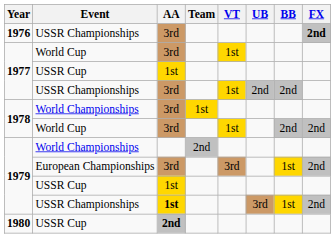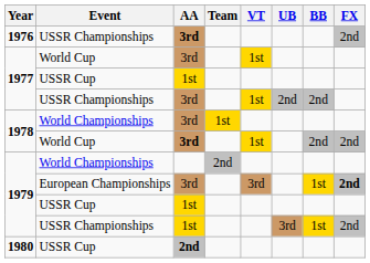 <table class="wikitable" style="text-align:center; font-size: 95%;">
 <tr>
 <th>Year</th>
 <th>Event</th>
 <th width=30px>AA</th>
 <th width=30px>Team</th>
 <th width=30px><a href='#'>VT</a></th>
 <th width=30px><a href='#'>UB</a></th>
 <th width=30px><a href='#'>BB</a></th>
 <th width=30px><a href='#'>FX</a></th>
 </tr>
 <tr>
 <td rowspan="1"><strong>1976</strong></td>
 <td align=left>USSR Championships</td>
-<td bgcolor=CC9966>3rd</td>
+<td bgcolor=CC9966><strong>3rd</strong></td>
 <td></td>
 <td></td>
 <td></td>
 <td></td>
-<td bgcolor=silver><strong>2nd</strong></td>
+<td bgcolor=silver>2nd</td>
 </tr>
 <tr>
 <td rowspan="3"><strong>1977</strong></td>
 <td align=left>World Cup</td>
 <td bgcolor=CC9966>3rd</td>
 <td></td>
 <td bgcolor=gold>1st</td>
 <td></td>
 <td></td>
 <td></td>
 </tr>
 <tr>
 <td align=left>USSR Cup</td>
 <td bgcolor=gold>1st</td>
 <td></td>
 <td></td>
 <td></td>
 <td></td>
 <td></td>
 </tr>
 <tr>
 <td align=left>USSR Championships</td>
 <td bgcolor=cc9966>3rd</td>
 <td></td>
 <td bgcolor=gold>1st</td>
 <td bgcolor=silver>2nd</td>
 <td bgcolor=silver>2nd</td>
 <td></td>
 </tr>
 <tr>
 <td rowspan=2><strong>1978</strong></td>
 <td align=left><a href='#'>World Championships</a></td>
 <td bgcolor=CC9966>3rd</td>
 <td bgcolor=gold>1st</td>
 <td></td>
 <td></td>
 <td></td>
 <td></td>
 </tr>
 <tr>
 <td align=left>World Cup</td>
-<td bgcolor=CC9966>3rd</td>
+<td bgcolor=CC9966><strong>3rd</strong></td>
 <td></td>
 <td bgcolor=gold>1st</td>
 <td></td>
 <td bgcolor=silver>2nd</td>
 <td bgcolor=silver>2nd</td>
 </tr>
 <tr>
 <td rowspan=4><strong>1979</strong></td>
 <td align=left><a href='#'>World Championships</a></td>
 <td></td>
 <td bgcolor=silver>2nd</td>
 <td></td>
 <td></td>
 <td></td>
 <td></td>
 </tr>
 <tr>
 <td align=left>European Championships</td>
 <td bgcolor=CC9966>3rd</td>
 <td></td>
 <td bgcolor=CC9966>3rd</td>
 <td></td>
 <td bgcolor=gold>1st</td>
-<td bgcolor=silver>2nd</td>
+<td bgcolor=silver><strong>2nd</strong></td>
 </tr>
 <tr>
 <td align=left>USSR Cup</td>
 <td bgcolor=gold>1st</td>
 <td></td>
 <td></td>
 <td></td>
 <td></td>
 <td></td>
 </tr>
 <tr>
 <td align=left>USSR Championships</td>
-<td bgcolor=gold><strong>1st</strong></td>
+<td bgcolor=gold>1st</td>
 <td></td>
 <td></td>
 <td bgcolor=CC9966>3rd</td>
 <td bgcolor=gold>1st</td>
 <td bgcolor=silver>2nd</td>
 </tr>
 <tr>
 <td><strong>1980</strong></td>
 <td align=left>USSR Cup</td>
 <td bgcolor=silver><strong>2nd</strong></td>
 <td></td>
 <td></td>
 <td></td>
 <td></td>
 <td></td>
 </tr>
 </table>
